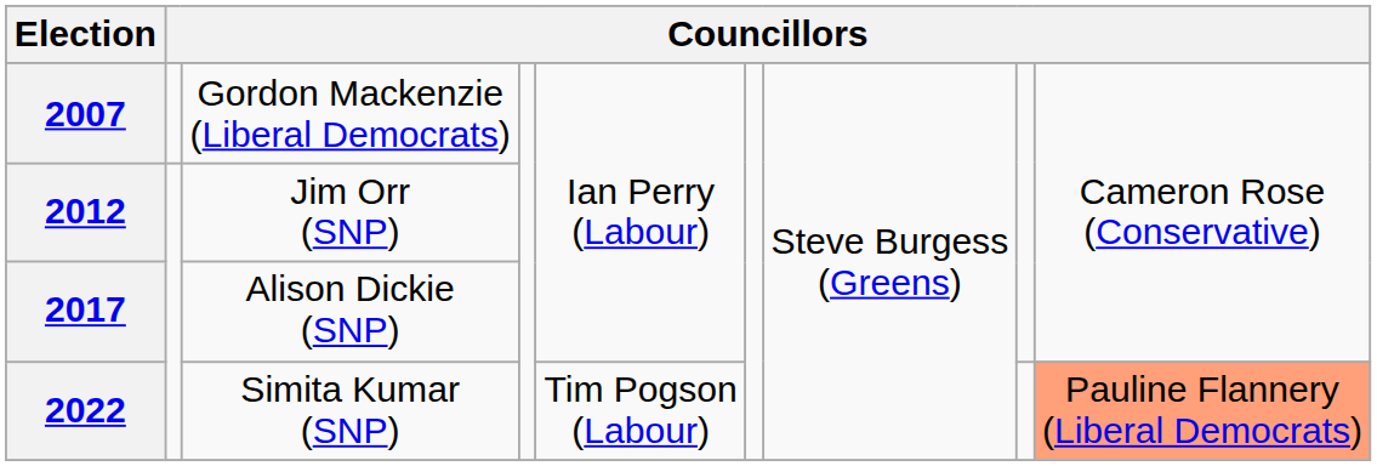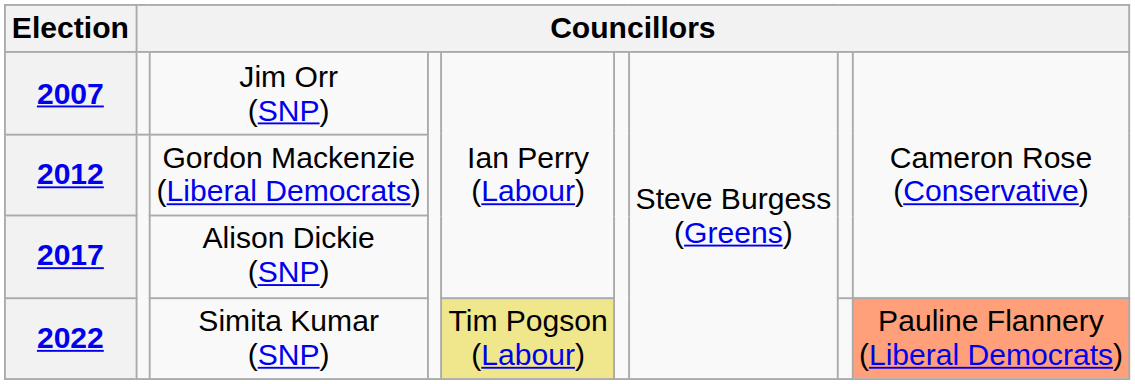 <table class="wikitable" style="text-align:center">
 <tr>
 <th>Election</th>
 <th colspan=8>Councillors</th>
 </tr>
 <tr>
 <th><a href='#'>2007</a></th>
 <td rowspan=1; style="background-color: "></td>
-<td rowspan=1>Gordon Mackenzie<br>(<a href='#'>Liberal Democrats</a>)</td>
+<td rowspan=1>Jim Orr<br>(<a href='#'>SNP</a>)</td>
 <td rowspan=4; style="background-color: "></td>
 <td rowspan=3>Ian Perry<br>(<a href='#'>Labour</a>)</td>
 <td rowspan=4; style="background-color: "></td>
 <td rowspan=4>Steve Burgess<br>(<a href='#'>Greens</a>)</td>
 <td rowspan=3; style="background-color: "></td>
 <td rowspan=3>Cameron Rose<br>(<a href='#'>Conservative</a>)</td>
 </tr>
 <tr>
 <th><a href='#'>2012</a></th>
 <td rowspan=3; style="background-color: "></td>
-<td rowspan=1>Jim Orr<br>(<a href='#'>SNP</a>)</td>
+<td rowspan=1>Gordon Mackenzie<br>(<a href='#'>Liberal Democrats</a>)</td>
 </tr>
 <tr>
 <th><a href='#'>2017</a></th>
 <td rowspan=1>Alison Dickie<br>(<a href='#'>SNP</a>)</td>
 </tr>
 <tr>
 <th><a href='#'>2022</a></th>
 <td rowspan=1>Simita Kumar<br>(<a href='#'>SNP</a>)</td>
-<td rowspan=1>Tim Pogson<br>(<a href='#'>Labour</a>)</td>
+<td rowspan=1 style="background: khaki;">Tim Pogson<br>(<a href='#'>Labour</a>)</td>
 <td rowspan=1; style="background-color: "></td>
 <td rowspan=1 style="background: lightsalmon;">Pauline Flannery<br>(<a href='#'>Liberal Democrats</a>)</td>
 </tr>
 </table>
